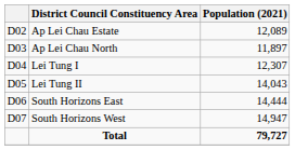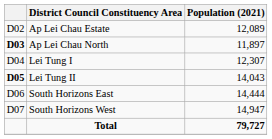 <table class="wikitable">
 <tr>
 <th></th>
 <th>District Council Constituency Area</th>
 <th>Population (2021)</th>
 </tr>
 <tr>
 <td>D02</td>
 <td>Ap Lei Chau Estate</td>
 <td align="right">12,089</td>
 </tr>
 <tr>
-<td>D03</td>
+<td><strong>D03</strong></td>
 <td>Ap Lei Chau North</td>
 <td align="right">11,897</td>
 </tr>
 <tr>
 <td>D04</td>
 <td>Lei Tung I</td>
 <td align="right">12,307</td>
 </tr>
 <tr>
-<td>D05</td>
+<td><strong>D05</strong></td>
 <td>Lei Tung II</td>
 <td align="right">14,043</td>
 </tr>
 <tr>
 <td>D06</td>
 <td>South Horizons East</td>
 <td align="right">14,444</td>
 </tr>
 <tr>
 <td>D07</td>
 <td>South Horizons West</td>
 <td align="right">14,947</td>
 </tr>
 <tr>
 <td></td>
 <td align="center"><strong>Total</strong></td>
 <td align="right"><strong>79,727</strong></td>
 </tr>
 <tr>
 </tr>
 </table>
